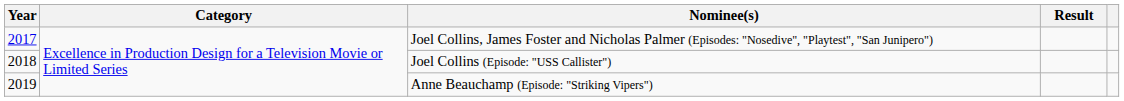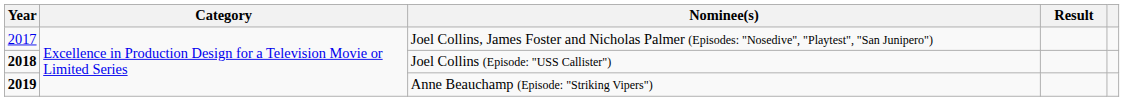 <table class="wikitable sortable" style="width:98%; summary:Black Mirror won one of three awards.">
 <tr>
 <th scope="col" style="width:3%;">Year</th>
 <th scope="col" style="width:33%;">Category</th>
 <th>Nominee(s)</th>
 <th scope="col" style="width:6%;">Result</th>
 <th scope="col" class="unsortable" style="width:1%;"></th>
 </tr>
 <tr>
 <td style="text-align: center;"><a href='#'>2017</a></td>
 <td rowspan="3"><a href='#'>Excellence in Production Design for a Television Movie or Limited Series</a></td>
 <td>Joel Collins, James Foster and Nicholas Palmer <small>(Episodes: "Nosedive", "Playtest", "San Junipero")</small></td>
 <td></td>
 <td align="center"></td>
 </tr>
 <tr>
-<td style="text-align: center;">2018</td>
+<td style="text-align: center;"><strong>2018</strong></td>
 <td>Joel Collins <small>(Episode: "USS Callister")</small></td>
 <td></td>
 <td align="center"></td>
 </tr>
 <tr>
-<td style="text-align: center;">2019</td>
+<td style="text-align: center;"><strong>2019</strong></td>
 <td>Anne Beauchamp <small>(Episode: "Striking Vipers")</small></td>
 <td></td>
 <td align="center"></td>
 </tr>
 </table>
